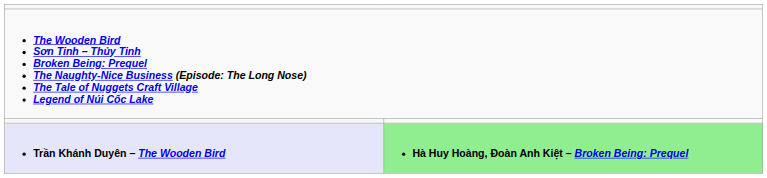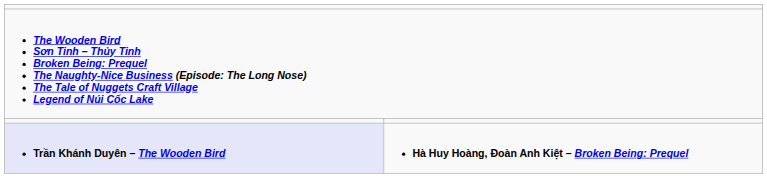 <table class="wikitable" align="center" style="width:91%">
 <tr>
 <td colspan="2" style="vertical-align:top; width:100%;"></td>
 </tr>
 <tr>
 <td colspan="2" valign="top"><br><ul><li><strong><em><span><a href='#'>The Wooden Bird</a></span></em></strong></li><li><strong><em><span><a href='#'>Sơn Tinh – Thủy Tinh</a></span></em></strong></li><li><strong><em><span><a href='#'>Broken Being: Prequel</a></span></em></strong></li><li><strong><em><span><a href='#'>The Naughty-Nice Business</a> (Episode: The Long Nose)</span></em></strong></li><li><strong><em><span><a href='#'>The Tale of Nuggets Craft Village</a></span></em></strong></li><li><strong><em><span><a href='#'>Legend of Núi Cốc Lake</a></span></em></strong></li></ul></td>
 </tr>
 <tr>
 <td style="vertical-align:top; width:50%;"></td>
 <td style="vertical-align:top; width:50%;"></td>
 </tr>
 <tr>
 <td valign="top" style="background: lavender;"><br><ul><li><strong>Trần Khánh Duyên – <em><a href='#'>The Wooden Bird</a></em> </strong></li></ul></td>
-<td valign="top" style="background: lightgreen;"><br><ul><li><strong>Hà Huy Hoàng, Đoàn Anh Kiệt – <em><a href='#'>Broken Being: Prequel</a></em> </strong></li></ul></td>
+<td valign="top"><br><ul><li><strong>Hà Huy Hoàng, Đoàn Anh Kiệt – <em><a href='#'>Broken Being: Prequel</a></em> </strong></li></ul></td>
 </tr>
 </table>
